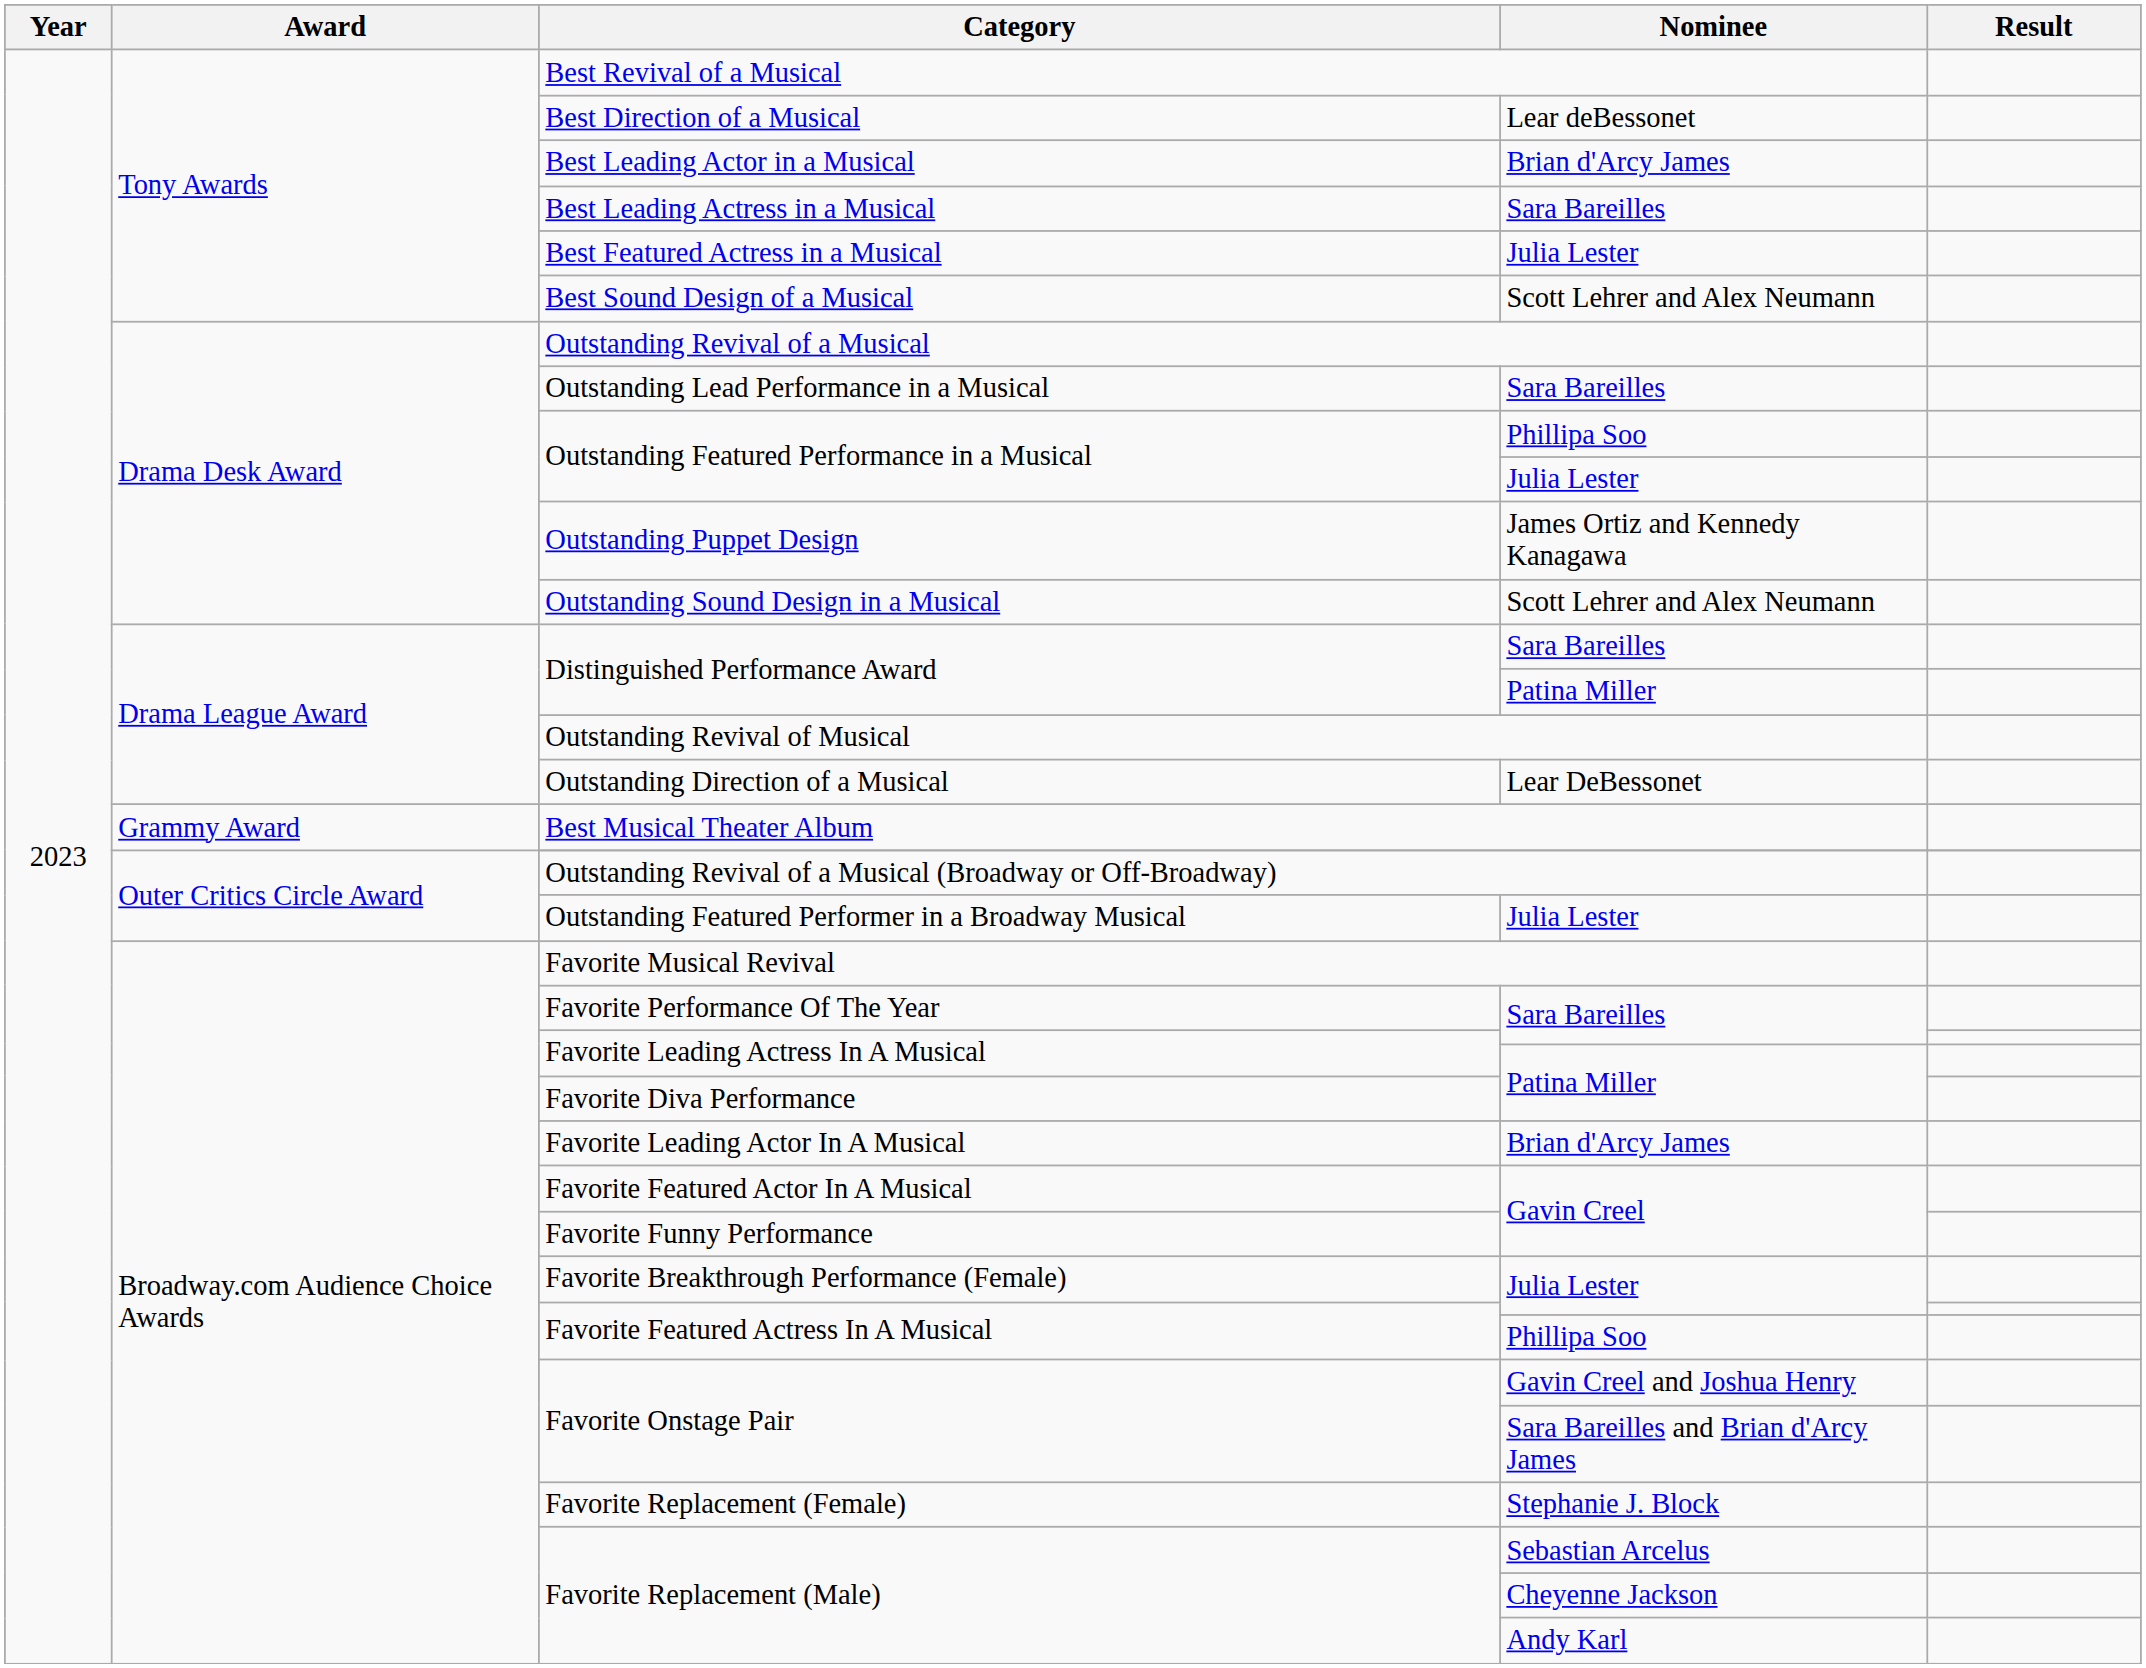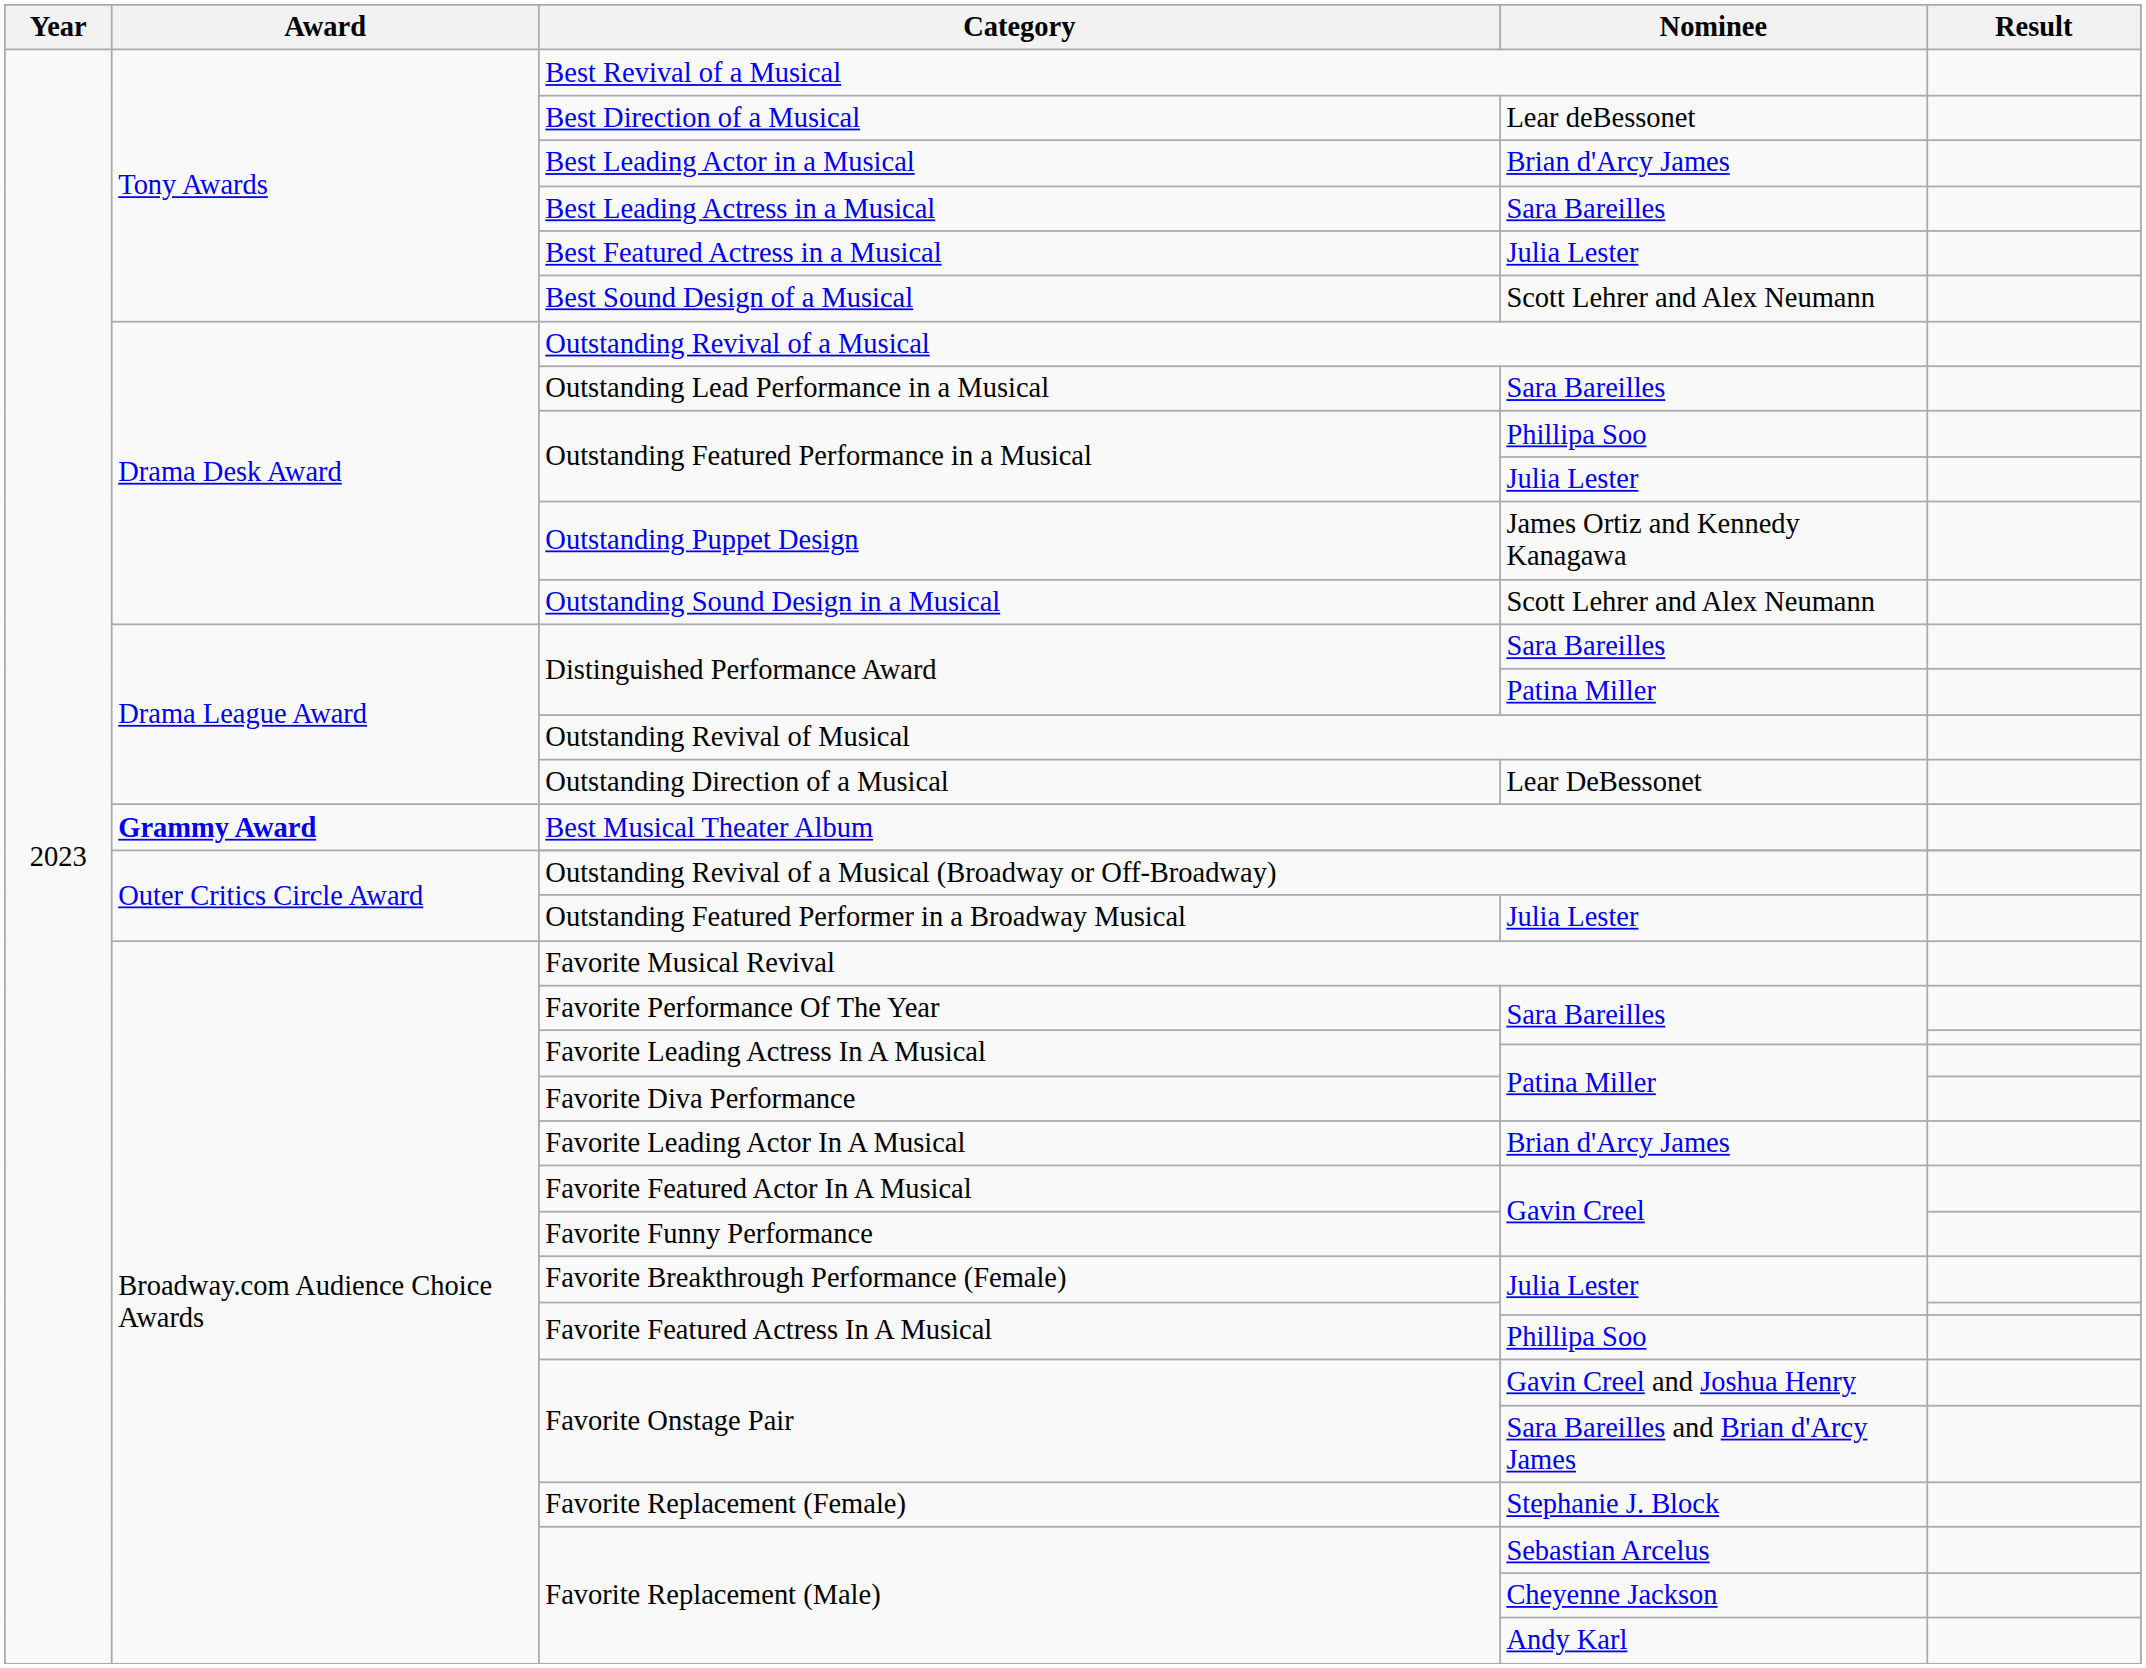 <table class="wikitable" width="95%">
 <tr>
 <th width="5%">Year</th>
 <th width="20%">Award</th>
 <th width="45%">Category</th>
 <th width="20%">Nominee</th>
 <th width="10%">Result</th>
 </tr>
 <tr>
 <td rowspan="37" align="center">2023</td>
 <td rowspan=6><a href='#'>Tony Awards</a></td>
 <td colspan=2><a href='#'>Best Revival of a Musical</a></td>
 <td></td>
 </tr>
 <tr>
 <td><a href='#'>Best Direction of a Musical</a></td>
 <td>Lear deBessonet</td>
 <td></td>
 </tr>
 <tr>
 <td><a href='#'>Best Leading Actor in a Musical</a></td>
 <td><a href='#'>Brian d'Arcy James</a></td>
 <td></td>
 </tr>
 <tr>
 <td><a href='#'>Best Leading Actress in a Musical</a></td>
 <td><a href='#'>Sara Bareilles</a></td>
 <td></td>
 </tr>
 <tr>
 <td><a href='#'>Best Featured Actress in a Musical</a></td>
 <td><a href='#'>Julia Lester</a></td>
 <td></td>
 </tr>
 <tr>
 <td><a href='#'>Best Sound Design of a Musical</a></td>
 <td>Scott Lehrer and Alex Neumann</td>
 <td></td>
 </tr>
 <tr>
 <td rowspan="6"><a href='#'>Drama Desk Award</a></td>
 <td colspan="2"><a href='#'>Outstanding Revival of a Musical</a></td>
 <td></td>
 </tr>
 <tr>
 <td>Outstanding Lead Performance in a Musical</td>
 <td><a href='#'>Sara Bareilles</a></td>
 <td></td>
 </tr>
 <tr>
 <td rowspan="2">Outstanding Featured Performance in a Musical</td>
 <td><a href='#'>Phillipa Soo</a></td>
 <td></td>
 </tr>
 <tr>
 <td><a href='#'>Julia Lester</a></td>
 <td></td>
 </tr>
 <tr>
 <td><a href='#'>Outstanding Puppet Design</a></td>
 <td>James Ortiz and Kennedy Kanagawa</td>
 <td></td>
 </tr>
 <tr>
 <td><a href='#'>Outstanding Sound Design in a Musical</a></td>
 <td>Scott Lehrer and Alex Neumann</td>
 <td></td>
 </tr>
 <tr>
 <td rowspan="4"><a href='#'>Drama League Award</a></td>
 <td rowspan="2">Distinguished Performance Award</td>
 <td><a href='#'>Sara Bareilles</a></td>
 <td></td>
 </tr>
 <tr>
 <td><a href='#'>Patina Miller</a></td>
 <td></td>
 </tr>
 <tr>
 <td colspan="2">Outstanding Revival of Musical</td>
 <td></td>
 </tr>
 <tr>
 <td>Outstanding Direction of a Musical</td>
 <td>Lear DeBessonet</td>
 <td></td>
 </tr>
 <tr>
-<td><a href='#'>Grammy Award</a></td>
+<td><strong><a href='#'>Grammy Award</a></strong></td>
 <td colspan="2"><a href='#'>Best Musical Theater Album</a></td>
 <td></td>
 </tr>
 <tr>
 <td rowspan="3"><a href='#'>Outer Critics Circle Award</a></td>
 </tr>
 <tr>
 <td colspan="2">Outstanding Revival of a Musical (Broadway or Off-Broadway)</td>
 <td></td>
 </tr>
 <tr>
 <td>Outstanding Featured Performer in a Broadway Musical</td>
 <td><a href='#'>Julia Lester</a></td>
 <td></td>
 </tr>
 <tr>
 <td rowspan=17>Broadway.com Audience Choice Awards</td>
 <td colspan=2>Favorite Musical Revival</td>
 <td></td>
 </tr>
 <tr>
 <td>Favorite Performance Of The Year</td>
 <td rowspan=2><a href='#'>Sara Bareilles</a></td>
 <td></td>
 </tr>
 <tr>
 <td rowspan=2>Favorite Leading Actress In A Musical</td>
 <td></td>
 </tr>
 <tr>
 <td rowspan=2><a href='#'>Patina Miller</a></td>
 <td></td>
 </tr>
 <tr>
 <td>Favorite Diva Performance</td>
 <td></td>
 </tr>
 <tr>
 <td>Favorite Leading Actor In A Musical</td>
 <td><a href='#'>Brian d'Arcy James</a></td>
 <td></td>
 </tr>
 <tr>
 <td>Favorite Featured Actor In A Musical</td>
 <td rowspan=2><a href='#'>Gavin Creel</a></td>
 <td></td>
 </tr>
 <tr>
 <td>Favorite Funny Performance</td>
 <td></td>
 </tr>
 <tr>
 <td>Favorite Breakthrough Performance (Female)</td>
 <td rowspan=2><a href='#'>Julia Lester</a></td>
 <td></td>
 </tr>
 <tr>
 <td rowspan=2>Favorite Featured Actress In A Musical</td>
 <td></td>
 </tr>
 <tr>
 <td><a href='#'>Phillipa Soo</a></td>
 <td></td>
 </tr>
 <tr>
 <td rowspan=2>Favorite Onstage Pair</td>
 <td><a href='#'>Gavin Creel</a> and <a href='#'>Joshua Henry</a></td>
 <td></td>
 </tr>
 <tr>
 <td><a href='#'>Sara Bareilles</a> and <a href='#'>Brian d'Arcy James</a></td>
 <td></td>
 </tr>
 <tr>
 <td>Favorite Replacement (Female)</td>
 <td><a href='#'>Stephanie J. Block</a></td>
 <td></td>
 </tr>
 <tr>
 <td rowspan=3>Favorite Replacement (Male)</td>
 <td><a href='#'>Sebastian Arcelus</a></td>
 <td></td>
 </tr>
 <tr>
 <td><a href='#'>Cheyenne Jackson</a></td>
 <td></td>
 </tr>
 <tr>
 <td><a href='#'>Andy Karl</a></td>
 <td></td>
 </tr>
 <tr>
 </tr>
 </table>
